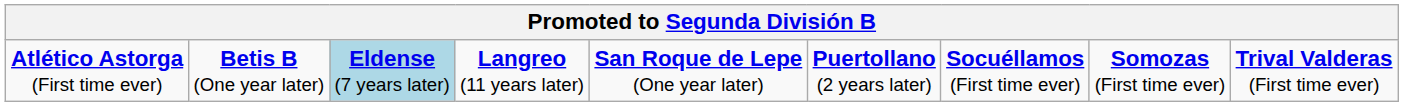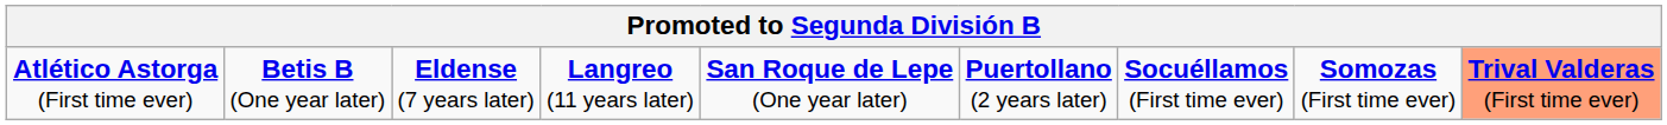 <table class="wikitable" style="text-align: center; margin: 0 auto;">
 <tr>
 <th colspan="9">Promoted to <a href='#'>Segunda División B</a></th>
 </tr>
 <tr>
 <td><strong><a href='#'>Atlético Astorga</a></strong><br><small>(First time ever)</small></td>
 <td><strong><a href='#'>Betis B</a></strong><br><small>(One year later)</small></td>
-<td style="background: lightblue;"><strong><a href='#'>Eldense</a></strong><br><small>(7 years later)</small></td>
+<td><strong><a href='#'>Eldense</a></strong><br><small>(7 years later)</small></td>
 <td><strong><a href='#'>Langreo</a></strong><br><small>(11 years later)</small></td>
 <td><strong><a href='#'>San Roque de Lepe</a></strong><br><small>(One year later)</small></td>
 <td><strong><a href='#'>Puertollano</a></strong><br><small>(2 years later)</small></td>
 <td><strong><a href='#'>Socuéllamos</a></strong><br><small>(First time ever)</small></td>
 <td><strong><a href='#'>Somozas</a></strong><br><small>(First time ever)</small></td>
-<td><strong><a href='#'>Trival Valderas</a></strong><br><small>(First time ever)</small></td>
+<td style="background: lightsalmon;"><strong><a href='#'>Trival Valderas</a></strong><br><small>(First time ever)</small></td>
 </tr>
 </table>
